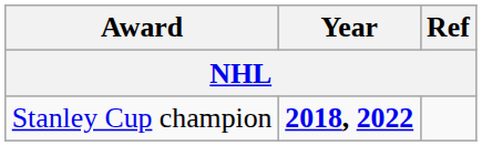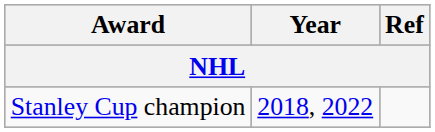 <table class="wikitable">
 <tr>
 <th>Award</th>
 <th>Year</th>
 <th>Ref</th>
 </tr>
 <tr>
 <th colspan="3"><a href='#'>NHL</a></th>
 </tr>
 <tr>
 <td><a href='#'>Stanley Cup</a> champion</td>
-<td><strong><a href='#'>2018</a>, <a href='#'>2022</a></strong></td>
+<td><a href='#'>2018</a>, <a href='#'>2022</a></td>
 <td></td>
 </tr>
 </table>
